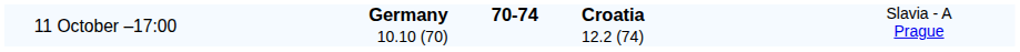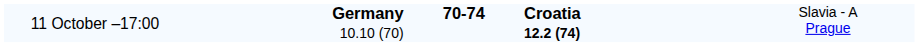 <table style="width: 100%; background:#F5FAFF;" cellspacing="0">
 <tr>
 <td style=font-size:95% align=center rowspan=3 width=20%>11 October –17:00</td>
 </tr>
 <tr>
 <td width=24% align=right><strong>Germany</strong> </td>
 <td align=center width=13%><strong>70-74</strong></td>
 <td width=24%> <strong>Croatia</strong></td>
 <td style=font-size:85% rowspan=3 valign=top align=center>Slavia - A <br><a href='#'>Prague</a></td>
 </tr>
 <tr style=font-size:85%>
 <td align=right>10.10 (70)</td>
 <td align=center></td>
-<td>12.2 (74)</td>
+<td><strong>12.2 (74)</strong></td>
 </tr>
 </table>
